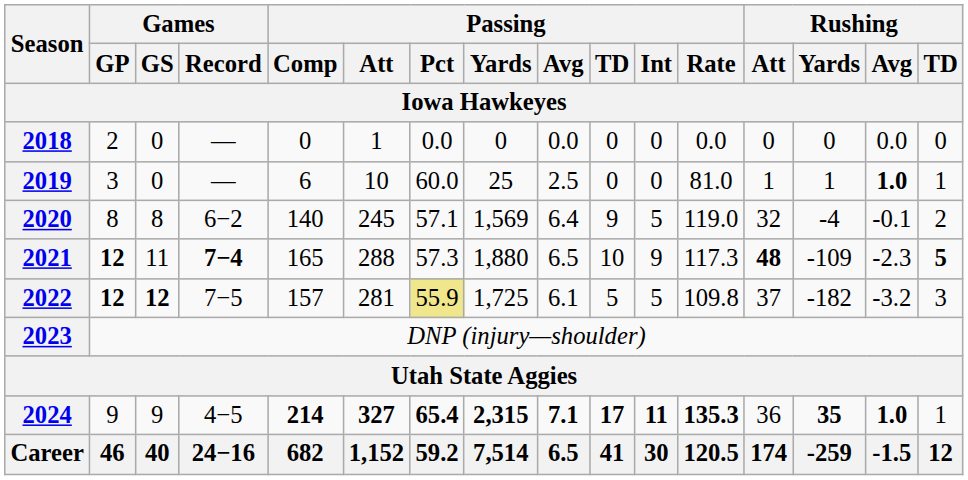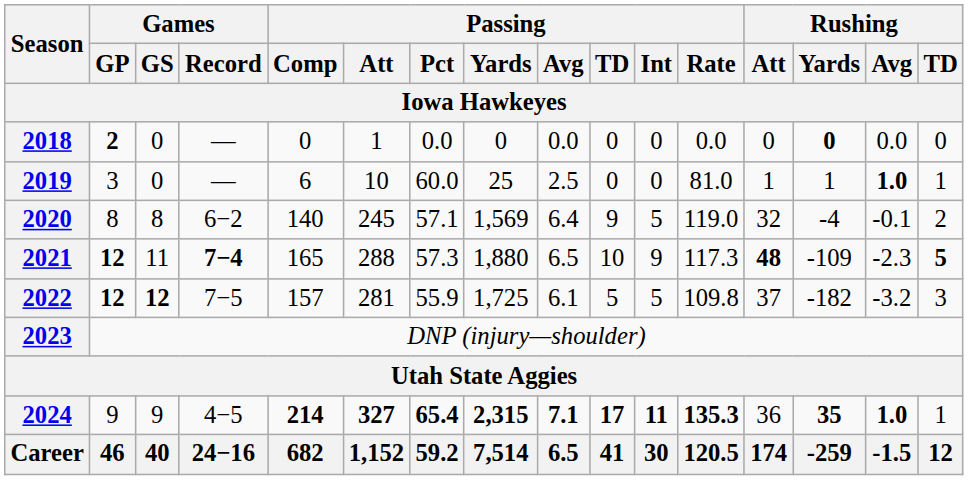 <table class="wikitable" style="text-align:center;">
 <tr>
 <th rowspan="2">Season</th>
 <th colspan="3">Games</th>
 <th colspan="8">Passing</th>
 <th colspan="4">Rushing</th>
 </tr>
 <tr>
 <th>GP</th>
 <th>GS</th>
 <th>Record</th>
 <th>Comp</th>
 <th>Att</th>
 <th>Pct</th>
 <th>Yards</th>
 <th>Avg</th>
 <th>TD</th>
 <th>Int</th>
 <th>Rate</th>
 <th>Att</th>
 <th>Yards</th>
 <th>Avg</th>
 <th>TD</th>
 </tr>
 <tr>
 <th colspan="16">Iowa Hawkeyes</th>
 </tr>
 <tr>
 <th><a href='#'>2018</a></th>
-<td>2</td>
+<td><strong>2</strong></td>
 <td>0</td>
 <td>—</td>
 <td>0</td>
 <td>1</td>
 <td>0.0</td>
 <td>0</td>
 <td>0.0</td>
 <td>0</td>
 <td>0</td>
 <td>0.0</td>
 <td>0</td>
-<td>0</td>
+<td><strong>0</strong></td>
 <td>0.0</td>
 <td>0</td>
 </tr>
 <tr>
 <th><a href='#'>2019</a></th>
 <td>3</td>
 <td>0</td>
 <td>—</td>
 <td>6</td>
 <td>10</td>
 <td>60.0</td>
 <td>25</td>
 <td>2.5</td>
 <td>0</td>
 <td>0</td>
 <td>81.0</td>
 <td>1</td>
 <td>1</td>
 <td><strong>1.0</strong></td>
 <td>1</td>
 </tr>
 <tr>
 <th><a href='#'>2020</a></th>
 <td>8</td>
 <td>8</td>
 <td>6−2</td>
 <td>140</td>
 <td>245</td>
 <td>57.1</td>
 <td>1,569</td>
 <td>6.4</td>
 <td>9</td>
 <td>5</td>
 <td>119.0</td>
 <td>32</td>
 <td>-4</td>
 <td>-0.1</td>
 <td>2</td>
 </tr>
 <tr>
 <th><a href='#'>2021</a></th>
 <td><strong>12</strong></td>
 <td>11</td>
 <td><strong>7−4</strong></td>
 <td>165</td>
 <td>288</td>
 <td>57.3</td>
 <td>1,880</td>
 <td>6.5</td>
 <td>10</td>
 <td>9</td>
 <td>117.3</td>
 <td><strong>48</strong></td>
 <td>-109</td>
 <td>-2.3</td>
 <td><strong>5</strong></td>
 </tr>
 <tr>
 <th><a href='#'>2022</a></th>
 <td><strong>12</strong></td>
 <td><strong>12</strong></td>
 <td>7−5</td>
 <td>157</td>
 <td>281</td>
-<td style="background: khaki;">55.9</td>
+<td>55.9</td>
 <td>1,725</td>
 <td>6.1</td>
 <td>5</td>
 <td>5</td>
 <td>109.8</td>
 <td>37</td>
 <td>-182</td>
 <td>-3.2</td>
 <td>3</td>
 </tr>
 <tr>
 <th><a href='#'>2023</a></th>
 <td colspan="15"><em>DNP (injury—shoulder)</em></td>
 </tr>
 <tr>
 <th colspan="16">Utah State Aggies</th>
 </tr>
 <tr>
 <th><a href='#'>2024</a></th>
 <td>9</td>
 <td>9</td>
 <td>4−5</td>
 <td><strong>214</strong></td>
 <td><strong>327</strong></td>
 <td><strong>65.4</strong></td>
 <td><strong>2,315</strong></td>
 <td><strong>7.1</strong></td>
 <td><strong>17</strong></td>
 <td><strong>11</strong></td>
 <td><strong>135.3</strong></td>
 <td>36</td>
 <td><strong>35</strong></td>
 <td><strong>1.0</strong></td>
 <td>1</td>
 </tr>
 <tr>
 <th>Career</th>
 <th>46</th>
 <th>40</th>
 <th>24−16</th>
 <th>682</th>
 <th>1,152</th>
 <th>59.2</th>
 <th>7,514</th>
 <th>6.5</th>
 <th>41</th>
 <th>30</th>
 <th>120.5</th>
 <th>174</th>
 <th>-259</th>
 <th>-1.5</th>
 <th>12</th>
 </tr>
 </table>
